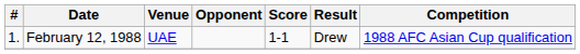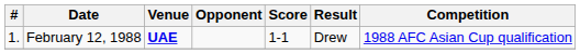 <table class="wikitable">
 <tr>
 <th>#</th>
 <th>Date</th>
 <th>Venue</th>
 <th>Opponent</th>
 <th>Score</th>
 <th>Result</th>
 <th>Competition</th>
 </tr>
 <tr>
 <td>1.</td>
 <td>February 12, 1988</td>
-<td><a href='#'>UAE</a></td>
+<td><strong><a href='#'>UAE</a></strong></td>
 <td></td>
 <td>1-1</td>
 <td>Drew</td>
 <td><a href='#'>1988 AFC Asian Cup qualification</a></td>
 </tr>
 <tr>
 </tr>
 </table>
